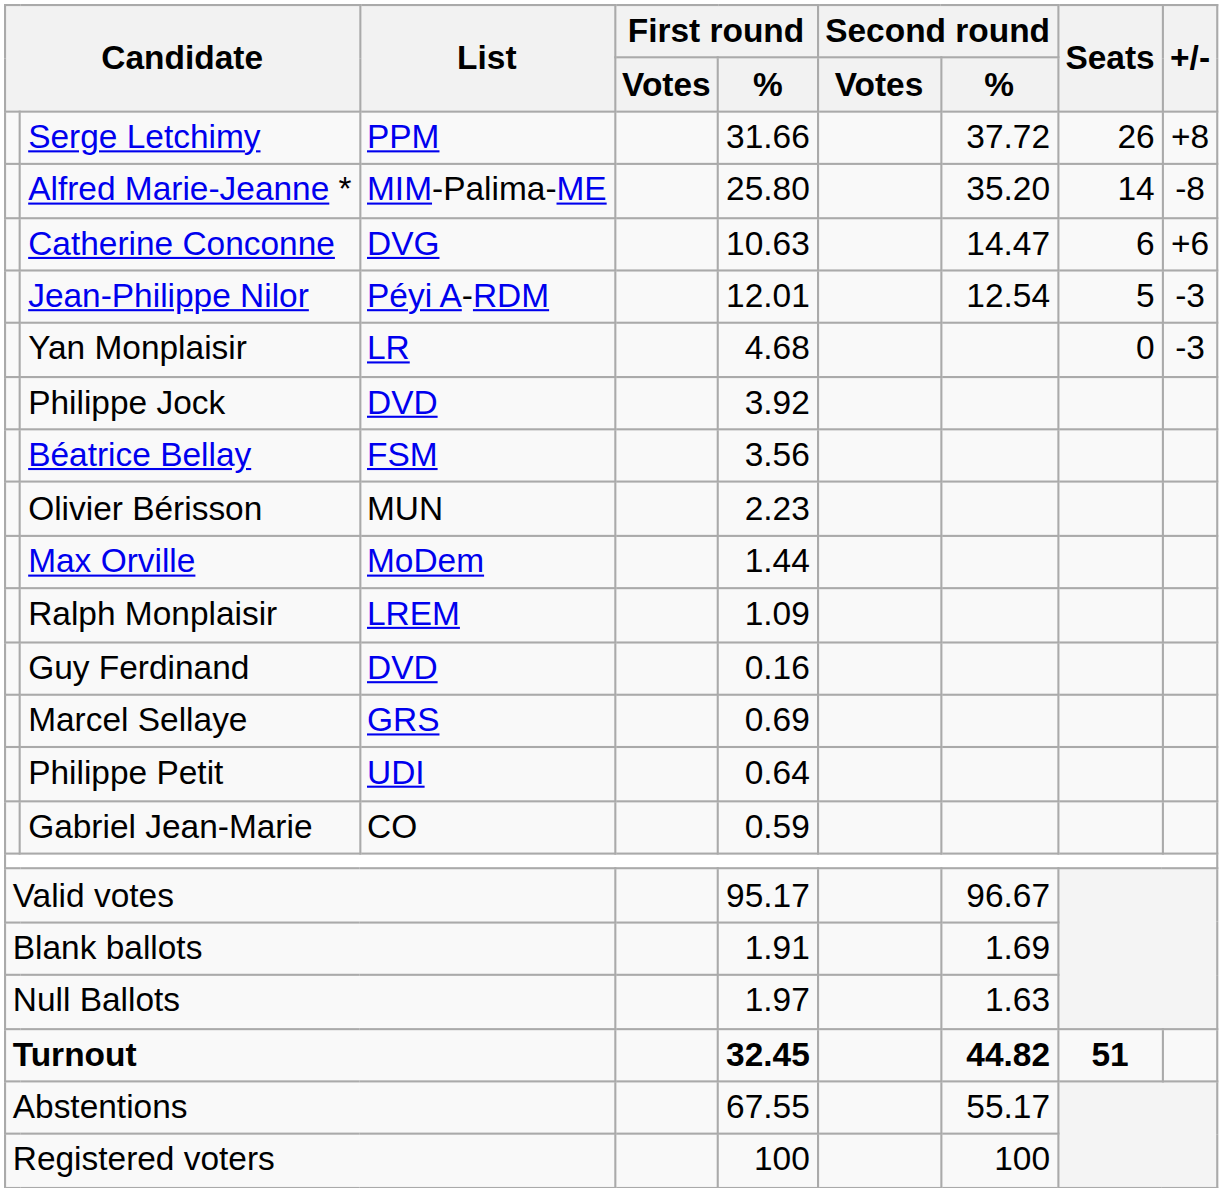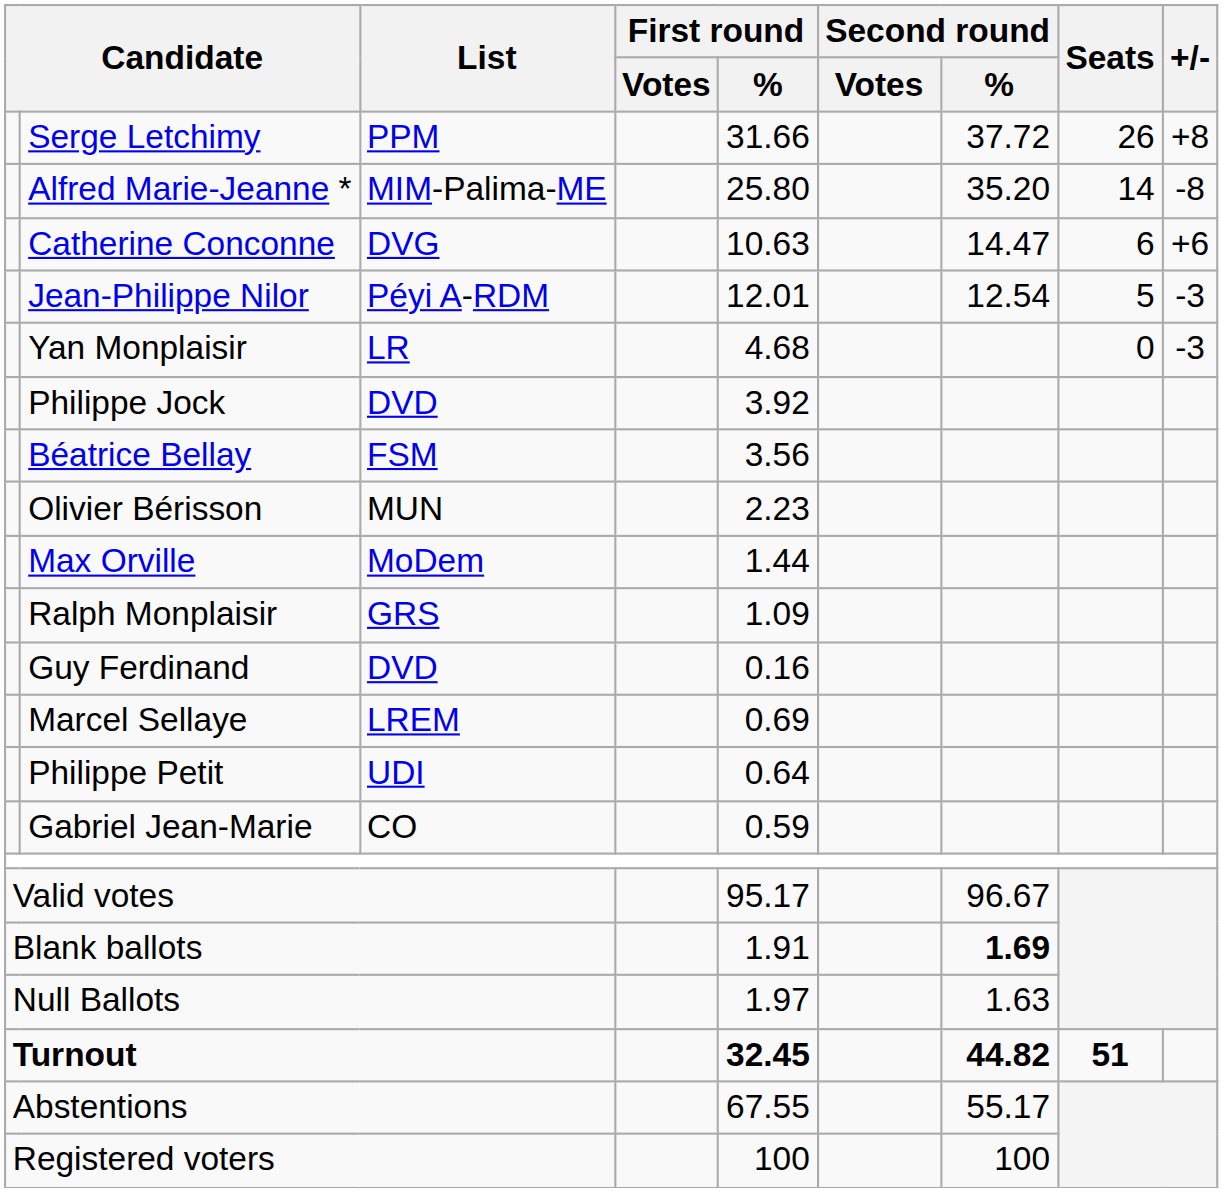 <table class="wikitable centre" style="text-align:right;">
 <tr>
 <th rowspan=2 colspan=2 scope=col>Candidate</th>
 <th rowspan=2 scope=col>List</th>
 <th colspan=2 scope=col>First round</th>
 <th colspan=2 scope=col>Second round</th>
 <th rowspan=2 scope=col>Seats</th>
 <th rowspan=2 scope=col>+/-</th>
 </tr>
 <tr>
 <th scope=col>Votes</th>
 <th scope=col>%</th>
 <th scope=col>Votes</th>
 <th scope=col>%</th>
 </tr>
 <tr>
 <td style="color:inherit;background:"></td>
 <td align="left"><a href='#'>Serge Letchimy</a></td>
 <td align="left"><a href='#'>PPM</a></td>
 <td></td>
 <td>31.66</td>
 <td></td>
 <td>37.72</td>
 <td>26</td>
 <td align="center">+8</td>
 </tr>
 <tr>
 <td style="color:inherit;background:"></td>
 <td align="left"><a href='#'>Alfred Marie-Jeanne</a> *</td>
 <td align="left"><a href='#'>MIM</a>-Palima-<a href='#'>ME</a></td>
 <td></td>
 <td>25.80</td>
 <td></td>
 <td>35.20</td>
 <td>14</td>
 <td align="center">-8</td>
 </tr>
 <tr>
 <td style="color:inherit;background:"></td>
 <td align="left"><a href='#'>Catherine Conconne</a></td>
 <td align="left"><a href='#'>DVG</a></td>
 <td></td>
 <td>10.63</td>
 <td></td>
 <td>14.47</td>
 <td>6</td>
 <td align="center">+6</td>
 </tr>
 <tr>
 <td style="color:inherit;background:"></td>
 <td align="left"><a href='#'>Jean-Philippe Nilor</a></td>
 <td align="left"><a href='#'>Péyi A</a>-<a href='#'>RDM</a></td>
 <td></td>
 <td>12.01</td>
 <td></td>
 <td>12.54</td>
 <td>5</td>
 <td align="center">-3</td>
 </tr>
 <tr>
 <td style="color:inherit;background:"></td>
 <td align="left">Yan Monplaisir</td>
 <td align="left"><a href='#'>LR</a></td>
 <td></td>
 <td>4.68</td>
 <td></td>
 <td></td>
 <td>0</td>
 <td align="center">-3</td>
 </tr>
 <tr>
 <td style="color:inherit;background:"></td>
 <td align="left">Philippe Jock</td>
 <td align="left"><a href='#'>DVD</a></td>
 <td></td>
 <td>3.92</td>
 <td></td>
 <td></td>
 <td></td>
 <td align="center"></td>
 </tr>
 <tr>
 <td style="color:inherit;background:"></td>
 <td align="left"><a href='#'>Béatrice Bellay</a></td>
 <td align="left"><a href='#'>FSM</a></td>
 <td></td>
 <td>3.56</td>
 <td></td>
 <td></td>
 <td></td>
 <td align="center"></td>
 </tr>
 <tr>
 <td style="color:inherit;background:"></td>
 <td align="left">Olivier Bérisson</td>
 <td align="left">MUN</td>
 <td></td>
 <td>2.23</td>
 <td></td>
 <td></td>
 <td></td>
 <td align="center"></td>
 </tr>
 <tr>
 <td style="color:inherit;background:"></td>
 <td align="left"><a href='#'>Max Orville</a></td>
 <td align="left"><a href='#'>MoDem</a></td>
 <td></td>
 <td>1.44</td>
 <td></td>
 <td></td>
 <td></td>
 <td align="center"></td>
 </tr>
 <tr>
 <td style="color:inherit;background:"></td>
 <td align="left">Ralph Monplaisir</td>
-<td align="left"><a href='#'>LREM</a></td>
+<td align="left"><a href='#'>GRS</a></td>
 <td></td>
 <td>1.09</td>
 <td></td>
 <td></td>
 <td></td>
 <td align="center"></td>
 </tr>
 <tr>
 <td style="color:inherit;background:"></td>
 <td align="left">Guy Ferdinand</td>
 <td align="left"><a href='#'>DVD</a></td>
 <td></td>
 <td>0.16</td>
 <td></td>
 <td></td>
 <td></td>
 <td align="center"></td>
 </tr>
 <tr>
 <td style="color:inherit;background:"></td>
 <td align="left">Marcel Sellaye</td>
-<td align="left"><a href='#'>GRS</a></td>
+<td align="left"><a href='#'>LREM</a></td>
 <td></td>
 <td>0.69</td>
 <td></td>
 <td></td>
 <td></td>
 <td align="center"></td>
 </tr>
 <tr>
 <td style="color:inherit;background:"></td>
 <td align="left">Philippe Petit</td>
 <td align="left"><a href='#'>UDI</a></td>
 <td></td>
 <td>0.64</td>
 <td></td>
 <td></td>
 <td></td>
 <td align="center"></td>
 </tr>
 <tr>
 <td style="color:inherit;background:"></td>
 <td align="left">Gabriel Jean-Marie</td>
 <td align="left">CO</td>
 <td></td>
 <td>0.59</td>
 <td></td>
 <td></td>
 <td></td>
 <td align="center"></td>
 </tr>
 <tr style="background:white;">
 <td colspan=9></td>
 </tr>
 <tr>
 <td colspan=3 style="text-align:left;">Valid votes</td>
 <td></td>
 <td>95.17</td>
 <td></td>
 <td>96.67</td>
 <td colspan="2" rowspan="3" bgcolor=#F4F4F4></td>
 </tr>
 <tr>
 <td colspan=3 style="text-align:left;">Blank ballots</td>
 <td></td>
 <td>1.91</td>
 <td></td>
-<td>1.69</td>
+<td><strong>1.69</strong></td>
 </tr>
 <tr>
 <td colspan=3 style="text-align:left;">Null Ballots</td>
 <td></td>
 <td>1.97</td>
 <td></td>
 <td>1.63</td>
 </tr>
 <tr style="font-weight:bold;">
 <td colspan=3 style="text-align:left;">Turnout</td>
 <td></td>
 <td>32.45</td>
 <td></td>
 <td>44.82</td>
 <td align=center>51</td>
 <td align=center></td>
 </tr>
 <tr>
 <td colspan=3 style="text-align:left;">Abstentions</td>
 <td></td>
 <td>67.55</td>
 <td></td>
 <td>55.17</td>
 <td colspan="2" rowspan="2" bgcolor=#F4F4F4></td>
 </tr>
 <tr>
 <td colspan=3 style="text-align:left;">Registered voters</td>
 <td></td>
 <td>100</td>
 <td></td>
 <td>100</td>
 </tr>
 </table>
